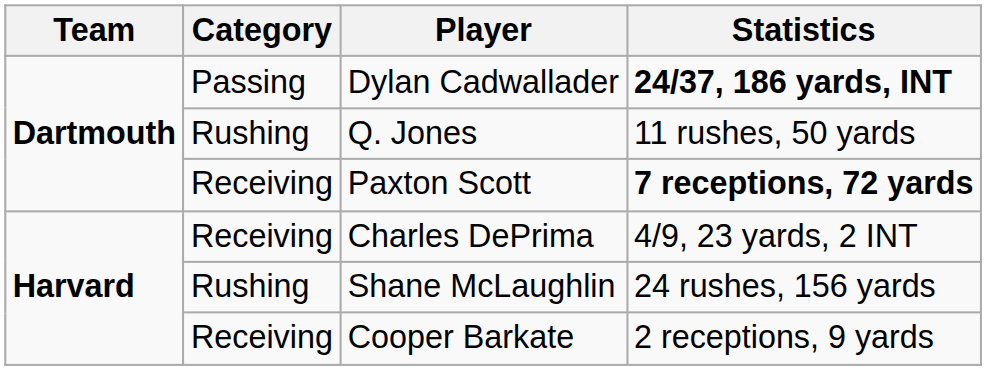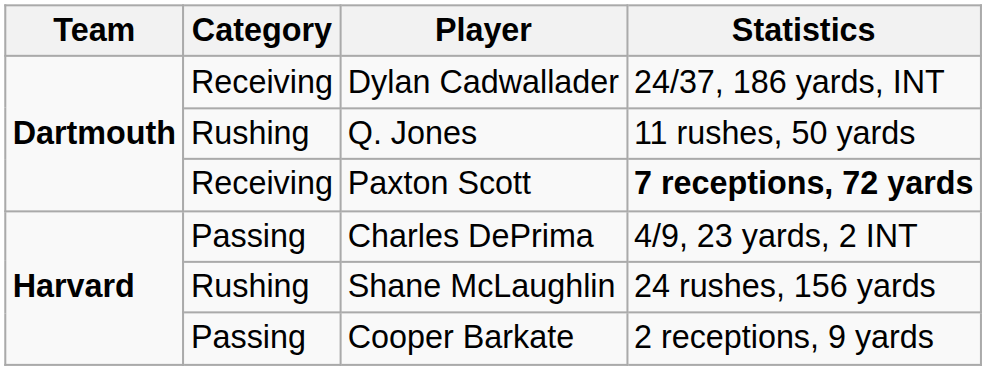 <table class="wikitable" style="float: right;">
 <tr>
 <th>Team</th>
 <th>Category</th>
 <th>Player</th>
 <th>Statistics</th>
 </tr>
 <tr>
 <td rowspan=3><strong>Dartmouth</strong></td>
-<td>Passing</td>
+<td>Receiving</td>
 <td>Dylan Cadwallader</td>
-<td><strong>24/37, 186 yards, INT</strong></td>
+<td>24/37, 186 yards, INT</td>
 </tr>
 <tr>
 <td>Rushing</td>
 <td>Q. Jones</td>
 <td>11 rushes, 50 yards</td>
 </tr>
 <tr>
 <td>Receiving</td>
 <td>Paxton Scott</td>
 <td><strong>7 receptions, 72 yards</strong></td>
 </tr>
 <tr>
 <td rowspan=3><strong>Harvard</strong></td>
-<td>Receiving</td>
+<td>Passing</td>
 <td>Charles DePrima</td>
 <td>4/9, 23 yards, 2 INT</td>
 </tr>
 <tr>
 <td>Rushing</td>
 <td>Shane McLaughlin</td>
 <td>24 rushes, 156 yards</td>
 </tr>
 <tr>
-<td>Receiving</td>
+<td>Passing</td>
 <td>Cooper Barkate</td>
 <td>2 receptions, 9 yards</td>
 </tr>
 </table>
